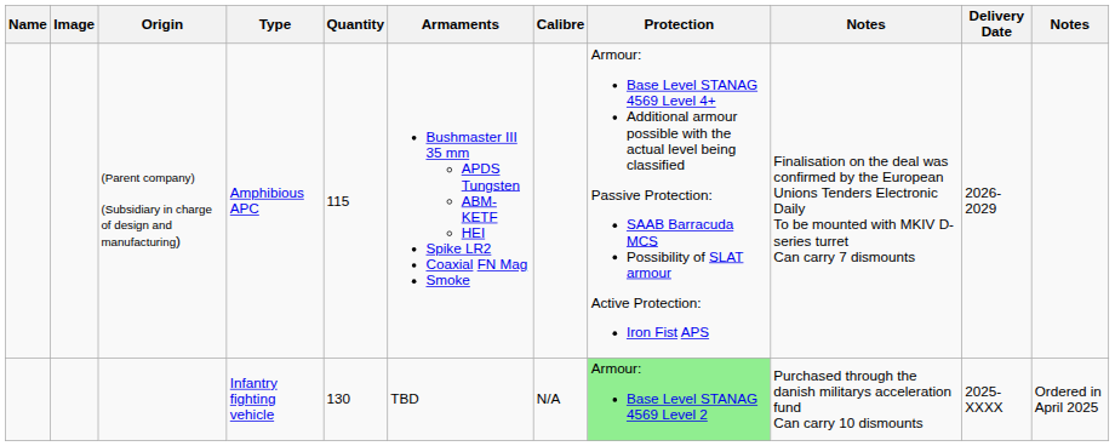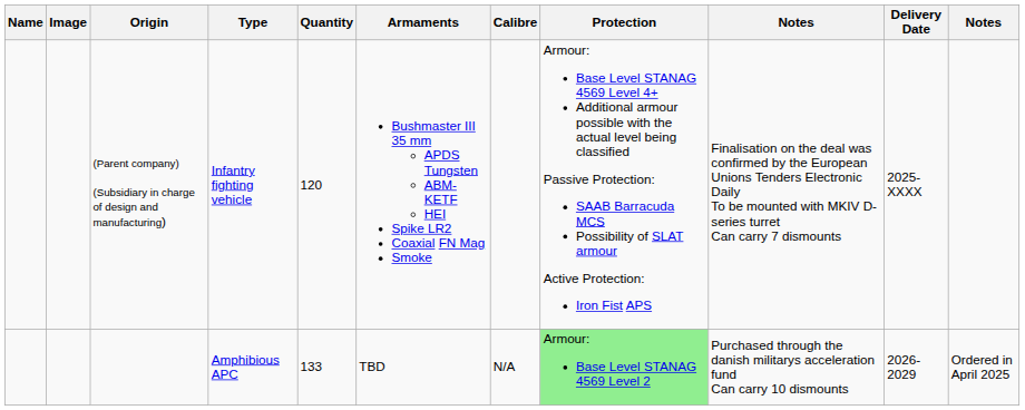 <table class="wikitable">
 <tr>
 <th>Name</th>
 <th>Image</th>
 <th>Origin</th>
 <th>Type</th>
 <th>Quantity</th>
 <th>Armaments</th>
 <th>Calibre</th>
 <th>Protection</th>
 <th>Notes</th>
 <th>Delivery Date</th>
 <th>Notes</th>
 </tr>
 <tr>
 <td></td>
 <td></td>
 <td> <br><small>(Parent company)</small><br> <br><small>(Subsidiary in charge of design and manufacturing</small>)</td>
-<td><a href='#'>Amphibious APC</a></td>
-<td>115</td>
+<td><a href='#'>Infantry fighting vehicle</a></td>
+<td>120</td>
 <td><br><ul><li><a href='#'>Bushmaster III 35 mm</a><ul><li><a href='#'>APDS</a> <a href='#'>Tungsten</a></li><li><a href='#'>ABM-KETF</a></li><li><a href='#'>HEI</a></li></ul></li><li><a href='#'>Spike LR2</a></li><li><a href='#'>Coaxial</a> <a href='#'>FN Mag</a></li><li><a href='#'>Smoke</a></li></ul></td>
 <td></td>
 <td>Armour:<br><ul><li><a href='#'>Base Level STANAG 4569 Level 4+</a></li><li>Additional armour possible with the actual level being classified</li></ul>Passive Protection:<ul><li><a href='#'>SAAB Barracuda</a> <a href='#'>MCS</a></li><li>Possibility of <a href='#'>SLAT armour</a></li></ul>Active Protection:<ul><li><a href='#'>Iron Fist</a> <a href='#'>APS</a></li></ul></td>
 <td><br>Finalisation on the deal was confirmed by the European Unions Tenders Electronic Daily<br>To be mounted with MKIV D-series turret<br>Can carry 7 dismounts</td>
-<td>2026-2029</td>
+<td>2025-XXXX</td>
 <td></td>
 </tr>
 <tr>
 <td></td>
 <td></td>
 <td></td>
-<td><a href='#'>Infantry fighting vehicle</a></td>
-<td>130</td>
+<td><a href='#'>Amphibious APC</a></td>
+<td>133</td>
 <td>TBD</td>
 <td>N/A</td>
 <td style="background: lightgreen;">Armour:<br><ul><li><a href='#'>Base Level STANAG 4569 Level 2</a></li></ul></td>
 <td>Purchased through the danish militarys acceleration fund<br>Can carry 10 dismounts</td>
-<td>2025-XXXX</td>
+<td>2026-2029</td>
 <td>Ordered in April 2025</td>
 </tr>
 </table>
